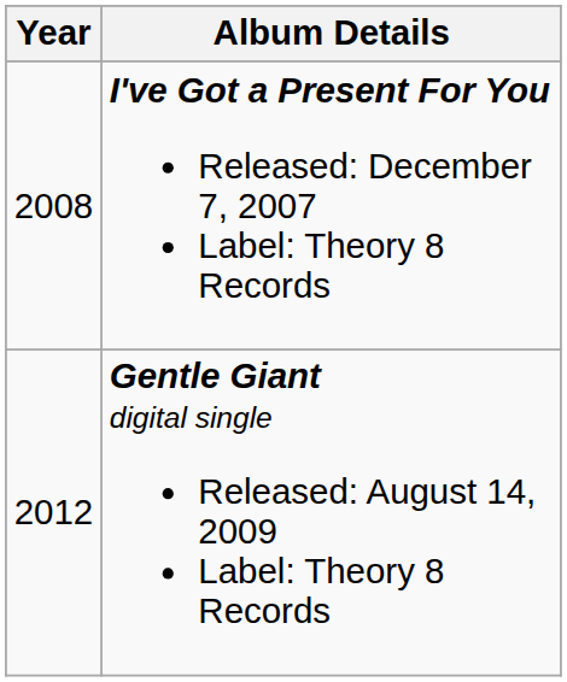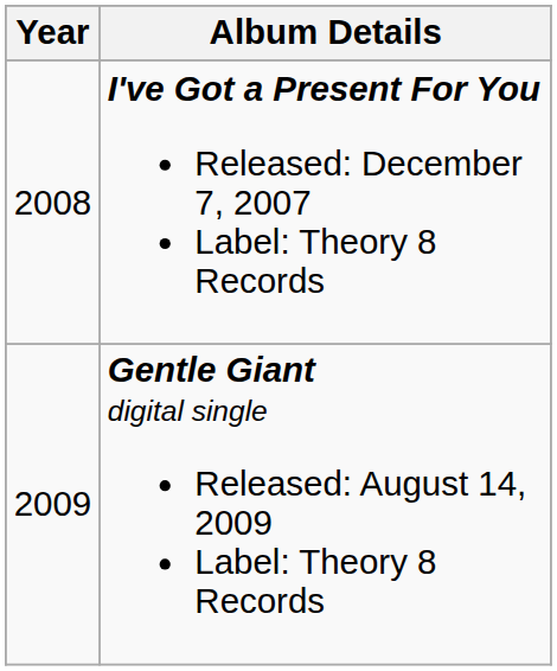 <table class="wikitable" style="text-align:center;">
 <tr>
 <th rowspan="1">Year</th>
 <th rowspan="1" width="200">Album Details</th>
 </tr>
 <tr>
 <td>2008</td>
 <td align="left"><strong><em>I've Got a Present For You</em></strong><br><ul><li>Released: December 7, 2007</li><li>Label: Theory 8 Records</li></ul></td>
 </tr>
 <tr>
-<td>2012</td>
+<td>2009</td>
 <td align="left"><strong><em>Gentle Giant</em></strong><br><small><em>digital single</em></small><br><ul><li>Released: August 14, 2009</li><li>Label: Theory 8 Records</li></ul></td>
 </tr>
 </table>
